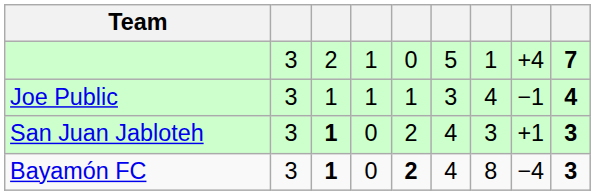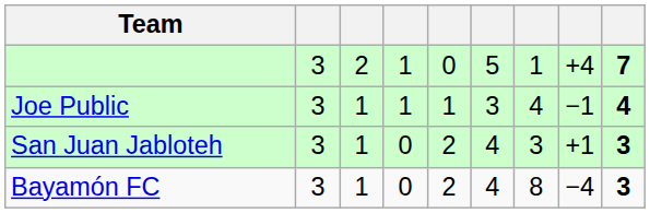 <table class="wikitable" style="text-align: center;">
 <tr>
 <th width="175">Team</th>
 <th width="20"></th>
 <th width="20"></th>
 <th width="20"></th>
 <th width="20"></th>
 <th width="20"></th>
 <th width="20"></th>
 <th width="20"></th>
 <th width="20"></th>
 </tr>
 <tr bgcolor="#ccffcc">
 <td align=left></td>
 <td>3</td>
 <td>2</td>
 <td>1</td>
 <td>0</td>
 <td>5</td>
 <td>1</td>
 <td>+4</td>
 <td><strong>7</strong></td>
 </tr>
 <tr bgcolor="#ccffcc">
 <td align=left> <a href='#'>Joe Public</a></td>
 <td>3</td>
 <td>1</td>
 <td>1</td>
 <td>1</td>
 <td>3</td>
 <td>4</td>
 <td>−1</td>
 <td><strong>4</strong></td>
 </tr>
 <tr bgcolor="#ccffcc">
 <td align=left> <a href='#'>San Juan Jabloteh</a></td>
 <td>3</td>
-<td><strong>1</strong></td>
+<td>1</td>
 <td>0</td>
 <td>2</td>
 <td>4</td>
 <td>3</td>
 <td>+1</td>
 <td><strong>3</strong></td>
 </tr>
 <tr>
 <td align=left> <a href='#'>Bayamón FC</a></td>
 <td>3</td>
-<td><strong>1</strong></td>
+<td>1</td>
 <td>0</td>
-<td><strong>2</strong></td>
+<td>2</td>
 <td>4</td>
 <td>8</td>
 <td>−4</td>
 <td><strong>3</strong></td>
 </tr>
 </table>
